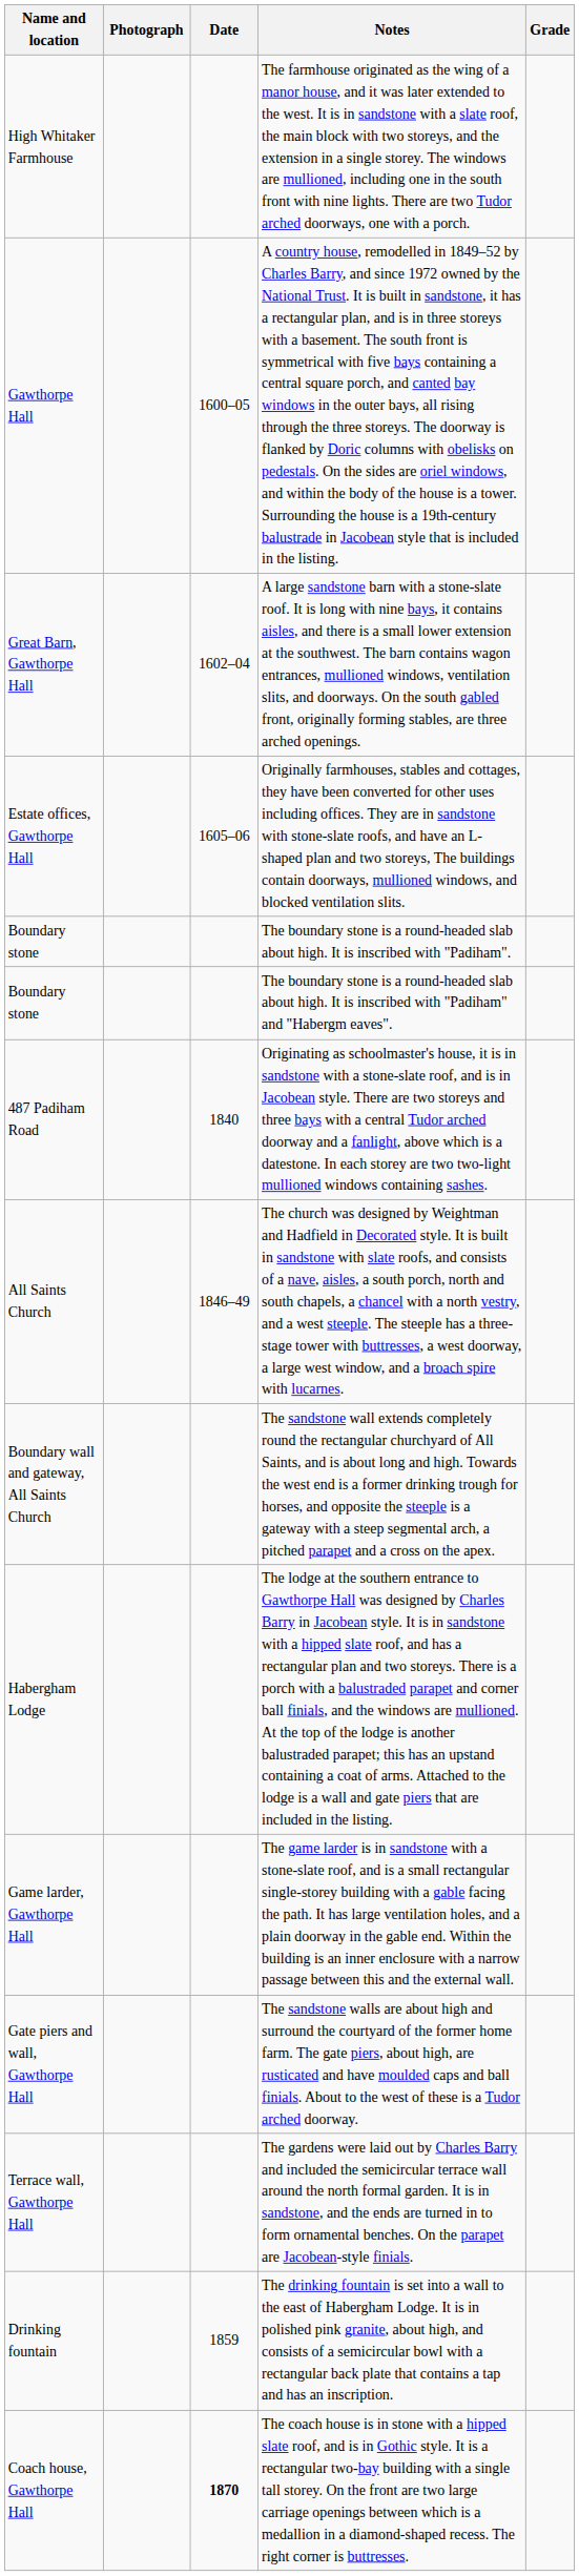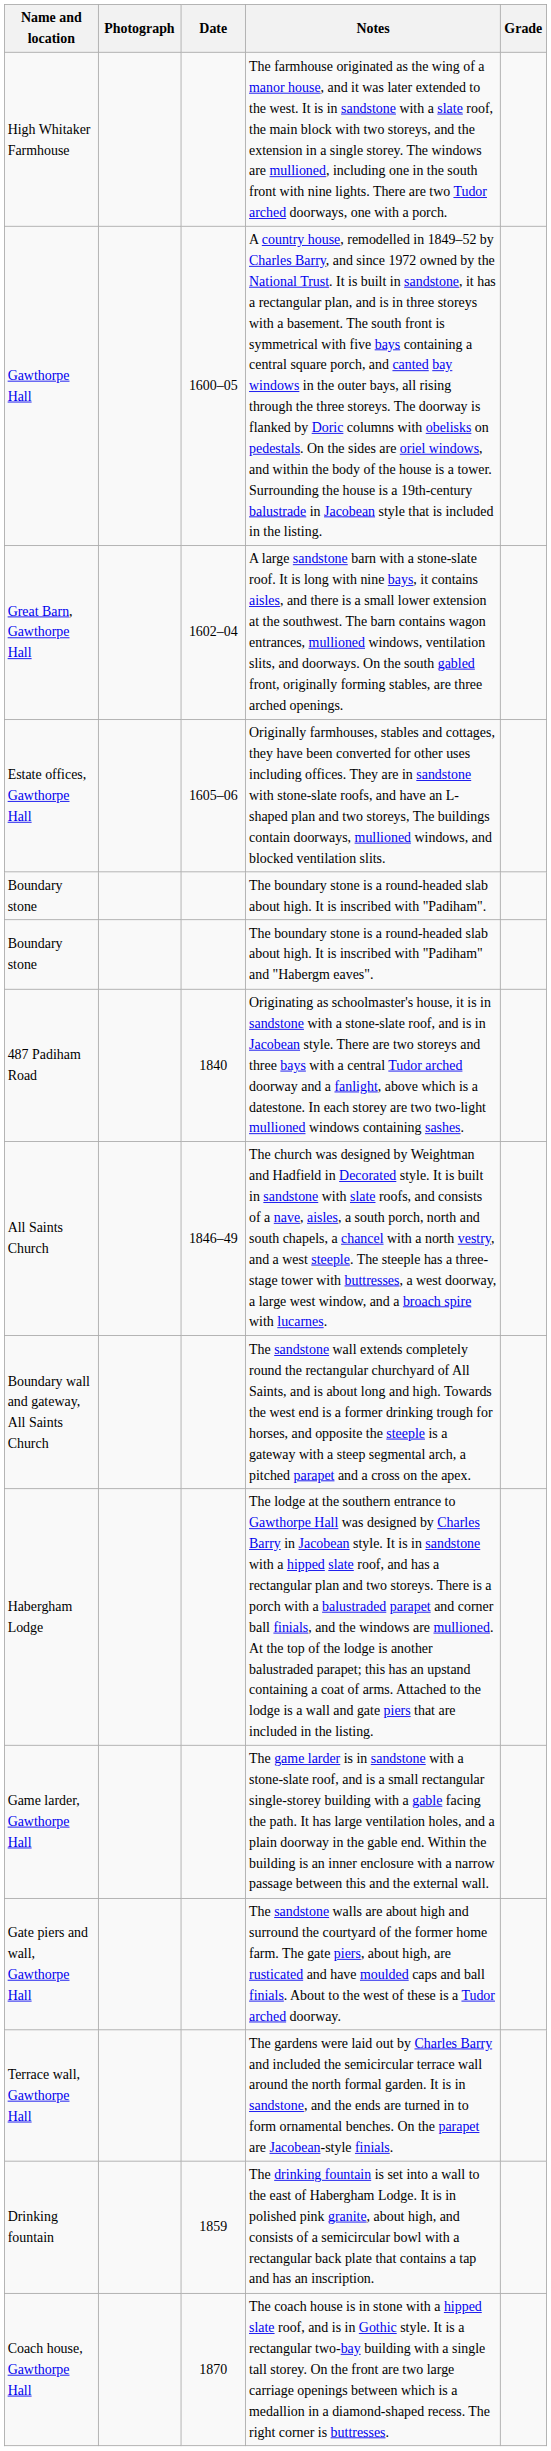 <table class="wikitable sortable plainrowheaders" style="width:100%;border:0px;text-align:left;line-height:150%;">
 <tr>
 <th scope="col"  style="width:150px">Name and location</th>
 <th scope="col"  style="width:100px" class="unsortable">Photograph</th>
 <th scope="col"  style="width:120px">Date</th>
 <th scope="col"  style="width:650px" class="unsortable">Notes</th>
 <th scope="col"  style="width:50px">Grade</th>
 </tr>
 <tr>
 <td>High Whitaker Farmhouse<br><small></small></td>
 <td></td>
 <td align="center"></td>
 <td>The farmhouse originated as the wing of a <a href='#'>manor house</a>, and it was later extended to the west.  It is in <a href='#'>sandstone</a> with a <a href='#'>slate</a> roof, the main block with two storeys, and the extension in a single storey.  The windows are <a href='#'>mullioned</a>, including one in the south front with nine lights.  There are two <a href='#'>Tudor arched</a> doorways, one with a porch.</td>
 <td align="center" ></td>
 </tr>
 <tr>
 <td><a href='#'>Gawthorpe Hall</a><br><small></small></td>
 <td></td>
 <td align="center">1600–05</td>
 <td>A <a href='#'>country house</a>, remodelled in 1849–52 by <a href='#'>Charles Barry</a>, and since 1972 owned by the <a href='#'>National Trust</a>.  It is built in <a href='#'>sandstone</a>, it has a rectangular plan, and is in three storeys with a basement.  The south front is symmetrical with five <a href='#'>bays</a> containing a central square porch, and <a href='#'>canted</a> <a href='#'>bay windows</a> in the outer bays, all rising through the three storeys.  The doorway is flanked by <a href='#'>Doric</a> columns with <a href='#'>obelisks</a> on <a href='#'>pedestals</a>. On the sides are <a href='#'>oriel windows</a>, and within the body of the house is a tower.  Surrounding the house is a 19th-century <a href='#'>balustrade</a> in <a href='#'>Jacobean</a> style that is included in the listing.</td>
 <td align="center" ></td>
 </tr>
 <tr>
 <td><a href='#'>Great Barn</a>,<br><a href='#'>Gawthorpe Hall</a><br><small></small></td>
 <td></td>
 <td align="center">1602–04</td>
 <td>A large <a href='#'>sandstone</a> barn with a stone-slate roof.  It is  long with nine <a href='#'>bays</a>, it contains <a href='#'>aisles</a>, and there is a small lower extension at the southwest.  The barn contains wagon entrances, <a href='#'>mullioned</a> windows, ventilation slits, and doorways.  On the south <a href='#'>gabled</a> front, originally forming stables, are three arched openings.</td>
 <td align="center" ></td>
 </tr>
 <tr>
 <td>Estate offices,<br><a href='#'>Gawthorpe Hall</a><br><small></small></td>
 <td></td>
 <td align="center">1605–06</td>
 <td>Originally farmhouses, stables and cottages, they have been converted for other uses including offices.  They are in <a href='#'>sandstone</a> with stone-slate roofs, and have an L-shaped plan and two storeys,  The buildings contain doorways, <a href='#'>mullioned</a> windows, and blocked ventilation slits.</td>
 <td align="center" ></td>
 </tr>
 <tr>
 <td>Boundary stone<br><small></small></td>
 <td></td>
 <td align="center"></td>
 <td>The boundary stone is a round-headed slab about  high.  It is inscribed with "Padiham".</td>
 <td align="center" ></td>
 </tr>
 <tr>
 <td>Boundary stone<br><small></small></td>
 <td></td>
 <td align="center"></td>
 <td>The boundary stone is a round-headed slab about  high.  It is inscribed with "Padiham" and "Habergm eaves".</td>
 <td align="center" ></td>
 </tr>
 <tr>
 <td>487 Padiham Road<br><small></small></td>
 <td></td>
 <td align="center">1840</td>
 <td>Originating as schoolmaster's house, it is in <a href='#'>sandstone</a> with a stone-slate roof, and is in <a href='#'>Jacobean</a> style.  There are two storeys and three <a href='#'>bays</a> with a central <a href='#'>Tudor arched</a> doorway and a <a href='#'>fanlight</a>, above which is a datestone.  In each storey are two two-light <a href='#'>mullioned</a> windows containing <a href='#'>sashes</a>.</td>
 <td align="center" ></td>
 </tr>
 <tr>
 <td>All Saints Church<br><small></small></td>
 <td></td>
 <td align="center">1846–49</td>
 <td>The church was designed by Weightman and Hadfield in <a href='#'>Decorated</a> style.  It is built in <a href='#'>sandstone</a> with <a href='#'>slate</a> roofs, and consists of a <a href='#'>nave</a>, <a href='#'>aisles</a>, a south porch, north and south chapels, a <a href='#'>chancel</a> with a north <a href='#'>vestry</a>, and a west <a href='#'>steeple</a>.  The steeple has a three-stage tower with <a href='#'>buttresses</a>, a west doorway, a large west window, and a <a href='#'>broach spire</a> with <a href='#'>lucarnes</a>.</td>
 <td align="center" ></td>
 </tr>
 <tr>
 <td>Boundary wall and gateway,<br>All Saints Church<br><small></small></td>
 <td></td>
 <td align="center"></td>
 <td>The <a href='#'>sandstone</a> wall extends completely round the rectangular churchyard of All Saints, and is about  long and  high.  Towards the west end is a former drinking trough for horses, and opposite the <a href='#'>steeple</a> is a gateway with a steep segmental arch, a pitched <a href='#'>parapet</a> and a cross on the apex.</td>
 <td align="center" ></td>
 </tr>
 <tr>
 <td>Habergham Lodge<br><small></small></td>
 <td></td>
 <td align="center"></td>
 <td>The lodge at the southern entrance to <a href='#'>Gawthorpe Hall</a> was designed by <a href='#'>Charles Barry</a> in <a href='#'>Jacobean</a> style.  It is in <a href='#'>sandstone</a> with a <a href='#'>hipped</a> <a href='#'>slate</a> roof, and has a rectangular plan and two storeys.  There is a porch with a <a href='#'>balustraded</a> <a href='#'>parapet</a> and corner ball <a href='#'>finials</a>, and the windows are <a href='#'>mullioned</a>.  At the top of the lodge is another balustraded parapet; this has an upstand containing a coat of arms.  Attached to the lodge is a wall and gate <a href='#'>piers</a> that are included in the listing.</td>
 <td align="center" ></td>
 </tr>
 <tr>
 <td>Game larder,<br><a href='#'>Gawthorpe Hall</a><br><small></small></td>
 <td></td>
 <td align="center"></td>
 <td>The <a href='#'>game larder</a> is in <a href='#'>sandstone</a> with a stone-slate roof, and is a small rectangular single-storey building with a <a href='#'>gable</a> facing the path.  It has large ventilation holes, and a plain doorway in the gable end.  Within the building is an inner enclosure with a narrow passage between this and the external wall.</td>
 <td align="center" ></td>
 </tr>
 <tr>
 <td>Gate piers and wall,<br><a href='#'>Gawthorpe Hall</a><br><small></small></td>
 <td></td>
 <td align="center"></td>
 <td>The <a href='#'>sandstone</a> walls are about  high and surround the courtyard of the former home farm.  The gate <a href='#'>piers</a>, about  high, are <a href='#'>rusticated</a> and have <a href='#'>moulded</a> caps and ball <a href='#'>finials</a>.  About  to the west of these is a <a href='#'>Tudor arched</a> doorway.</td>
 <td align="center" ></td>
 </tr>
 <tr>
 <td>Terrace wall,<br><a href='#'>Gawthorpe Hall</a><br><small></small></td>
 <td></td>
 <td align="center"></td>
 <td>The gardens were laid out by <a href='#'>Charles Barry</a> and included the semicircular terrace wall around the north formal garden.  It is in <a href='#'>sandstone</a>, and the ends are turned in to form ornamental benches.  On the <a href='#'>parapet</a> are <a href='#'>Jacobean</a>-style <a href='#'>finials</a>.</td>
 <td align="center" ></td>
 </tr>
 <tr>
 <td>Drinking fountain<br><small></small></td>
 <td></td>
 <td align="center">1859</td>
 <td>The <a href='#'>drinking fountain</a> is set into a wall to the east of Habergham Lodge.  It is in polished pink <a href='#'>granite</a>, about  high, and consists of a semicircular bowl with a rectangular back plate that contains a tap and has an inscription.</td>
 <td align="center" ></td>
 </tr>
 <tr>
 <td>Coach house,<br><a href='#'>Gawthorpe Hall</a><br><small></small></td>
 <td></td>
-<td align="center"><strong>1870</strong></td>
+<td align="center">1870</td>
 <td>The coach house is in stone with a <a href='#'>hipped</a> <a href='#'>slate</a> roof, and is in <a href='#'>Gothic</a> style.  It is a rectangular two-<a href='#'>bay</a> building with a single tall storey.  On the front are two large carriage openings between which is a medallion in a diamond-shaped recess.  The right corner is <a href='#'>buttresses</a>.</td>
 <td align="center" ></td>
 </tr>
 <tr>
 </tr>
 </table>
